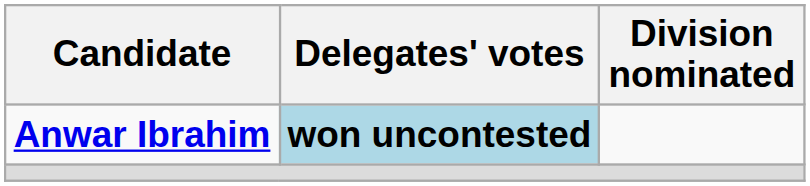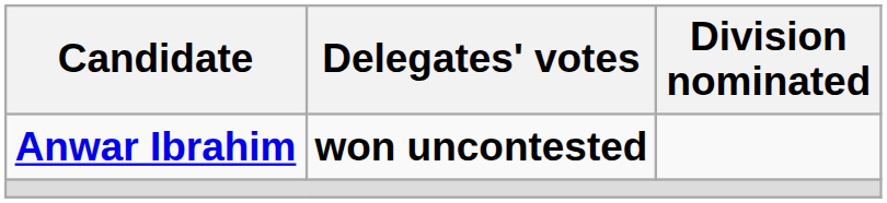 <table class=wikitable>
 <tr>
 <th>Candidate</th>
 <th>Delegates' votes</th>
 <th>Division<br>nominated</th>
 </tr>
 <tr>
 <td><strong><a href='#'>Anwar Ibrahim</a></strong></td>
-<td align=center style="background: lightblue;"><strong>won uncontested</strong></td>
+<td align=center><strong>won uncontested</strong></td>
 <td align=center><strong></strong></td>
 </tr>
 <tr>
 <td colspan=3 bgcolor=dcdcdc></td>
 </tr>
 </table>
